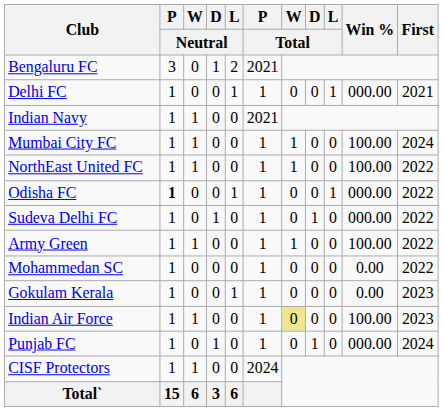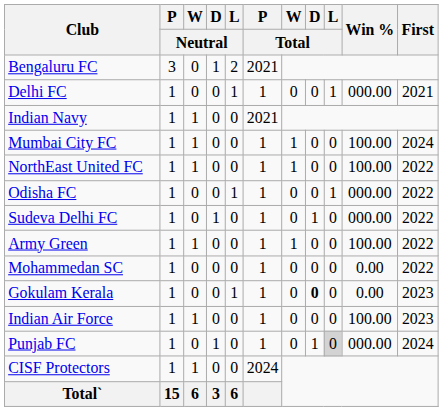 <table class="wikitable sortable" style="text-align:center;">
 <tr>
 <th rowspan="2" width="150">Club</th>
 <th>P</th>
 <th>W</th>
 <th>D</th>
 <th>L</th>
 <th>P</th>
 <th>W</th>
 <th>D</th>
 <th>L</th>
 <th rowspan="2">Win %</th>
 <th rowspan="2">First</th>
 </tr>
 <tr class="unsortable">
 <th colspan="4">Neutral</th>
 <th colspan="4">Total</th>
 </tr>
 <tr>
 <td align="left"><a href='#'>Bengaluru FC</a></td>
 <td>3</td>
 <td>0</td>
 <td>1</td>
 <td>2<br></td>
 <td>2021</td>
 </tr>
 <tr>
 <td align="left"><a href='#'>Delhi FC</a></td>
 <td>1</td>
 <td>0</td>
 <td>0</td>
 <td>1</td>
 <td>1</td>
 <td>0</td>
 <td>0</td>
 <td>1</td>
 <td><span>00</span><span>0.00</span></td>
 <td>2021</td>
 </tr>
 <tr>
 <td align="left"><a href='#'>Indian Navy</a></td>
 <td>1</td>
 <td>1</td>
 <td>0</td>
 <td>0<br></td>
 <td>2021</td>
 </tr>
 <tr>
 <td align="left"><a href='#'>Mumbai City FC</a></td>
 <td>1</td>
 <td>1</td>
 <td>0</td>
 <td>0</td>
 <td>1</td>
 <td>1</td>
 <td>0</td>
 <td>0</td>
 <td>100.00</td>
 <td>2024</td>
 </tr>
 <tr>
 <td align="left"><a href='#'>NorthEast United FC</a></td>
 <td>1</td>
 <td>1</td>
 <td>0</td>
 <td>0</td>
 <td>1</td>
 <td>1</td>
 <td>0</td>
 <td>0</td>
 <td>100.00</td>
 <td>2022</td>
 </tr>
 <tr>
 <td align="left"><a href='#'>Odisha FC</a></td>
-<td><strong>1</strong></td>
+<td>1</td>
 <td>0</td>
 <td>0</td>
 <td>1</td>
 <td>1</td>
 <td>0</td>
 <td>0</td>
 <td>1</td>
 <td><span>00</span><span>0.00</span></td>
 <td>2022</td>
 </tr>
 <tr>
 <td align="left"><a href='#'>Sudeva Delhi FC</a></td>
 <td>1</td>
 <td>0</td>
 <td>1</td>
 <td>0</td>
 <td>1</td>
 <td>0</td>
 <td>1</td>
 <td>0</td>
 <td><span>00</span><span>0.00</span></td>
 <td>2022</td>
 </tr>
 <tr>
 <td align="left"><a href='#'>Army Green</a></td>
 <td>1</td>
 <td>1</td>
 <td>0</td>
 <td>0</td>
 <td>1</td>
 <td>1</td>
 <td>0</td>
 <td>0</td>
 <td>100.00</td>
 <td>2022</td>
 </tr>
 <tr>
 <td align="left"><a href='#'>Mohammedan SC</a></td>
 <td>1</td>
 <td>0</td>
 <td>0</td>
 <td>0</td>
 <td>1</td>
 <td>0</td>
 <td>0</td>
 <td>0</td>
 <td>0.00</td>
 <td>2022</td>
 </tr>
 <tr>
 <td align="left"><a href='#'>Gokulam Kerala</a></td>
 <td>1</td>
 <td>0</td>
 <td>0</td>
 <td>1</td>
 <td>1</td>
 <td>0</td>
-<td>0</td>
+<td><strong>0</strong></td>
 <td>0</td>
 <td>0.00</td>
 <td>2023</td>
 </tr>
 <tr>
 <td align="left"><a href='#'>Indian Air Force</a></td>
 <td>1</td>
 <td>1</td>
 <td>0</td>
 <td>0</td>
 <td>1</td>
-<td style="background: khaki;">0</td>
+<td>0</td>
 <td>0</td>
 <td>0</td>
 <td>100.00</td>
 <td>2023</td>
 </tr>
 <tr>
 <td align="left"><a href='#'>Punjab FC</a></td>
 <td>1</td>
 <td>0</td>
 <td>1</td>
 <td>0</td>
 <td>1</td>
 <td>0</td>
 <td>1</td>
-<td>0</td>
+<td style="background: lightgrey;">0</td>
 <td><span>00</span><span>0.00</span></td>
 <td>2024</td>
 </tr>
 <tr>
 <td align="left"><a href='#'>CISF Protectors</a></td>
 <td>1</td>
 <td>1</td>
 <td>0</td>
 <td>0<br></td>
 <td>2024</td>
 </tr>
 <tr>
 <th>Total`</th>
 <th>15</th>
 <th>6</th>
 <th>3</th>
 <th>6<br></th>
 <th></th>
 </tr>
 </table>
